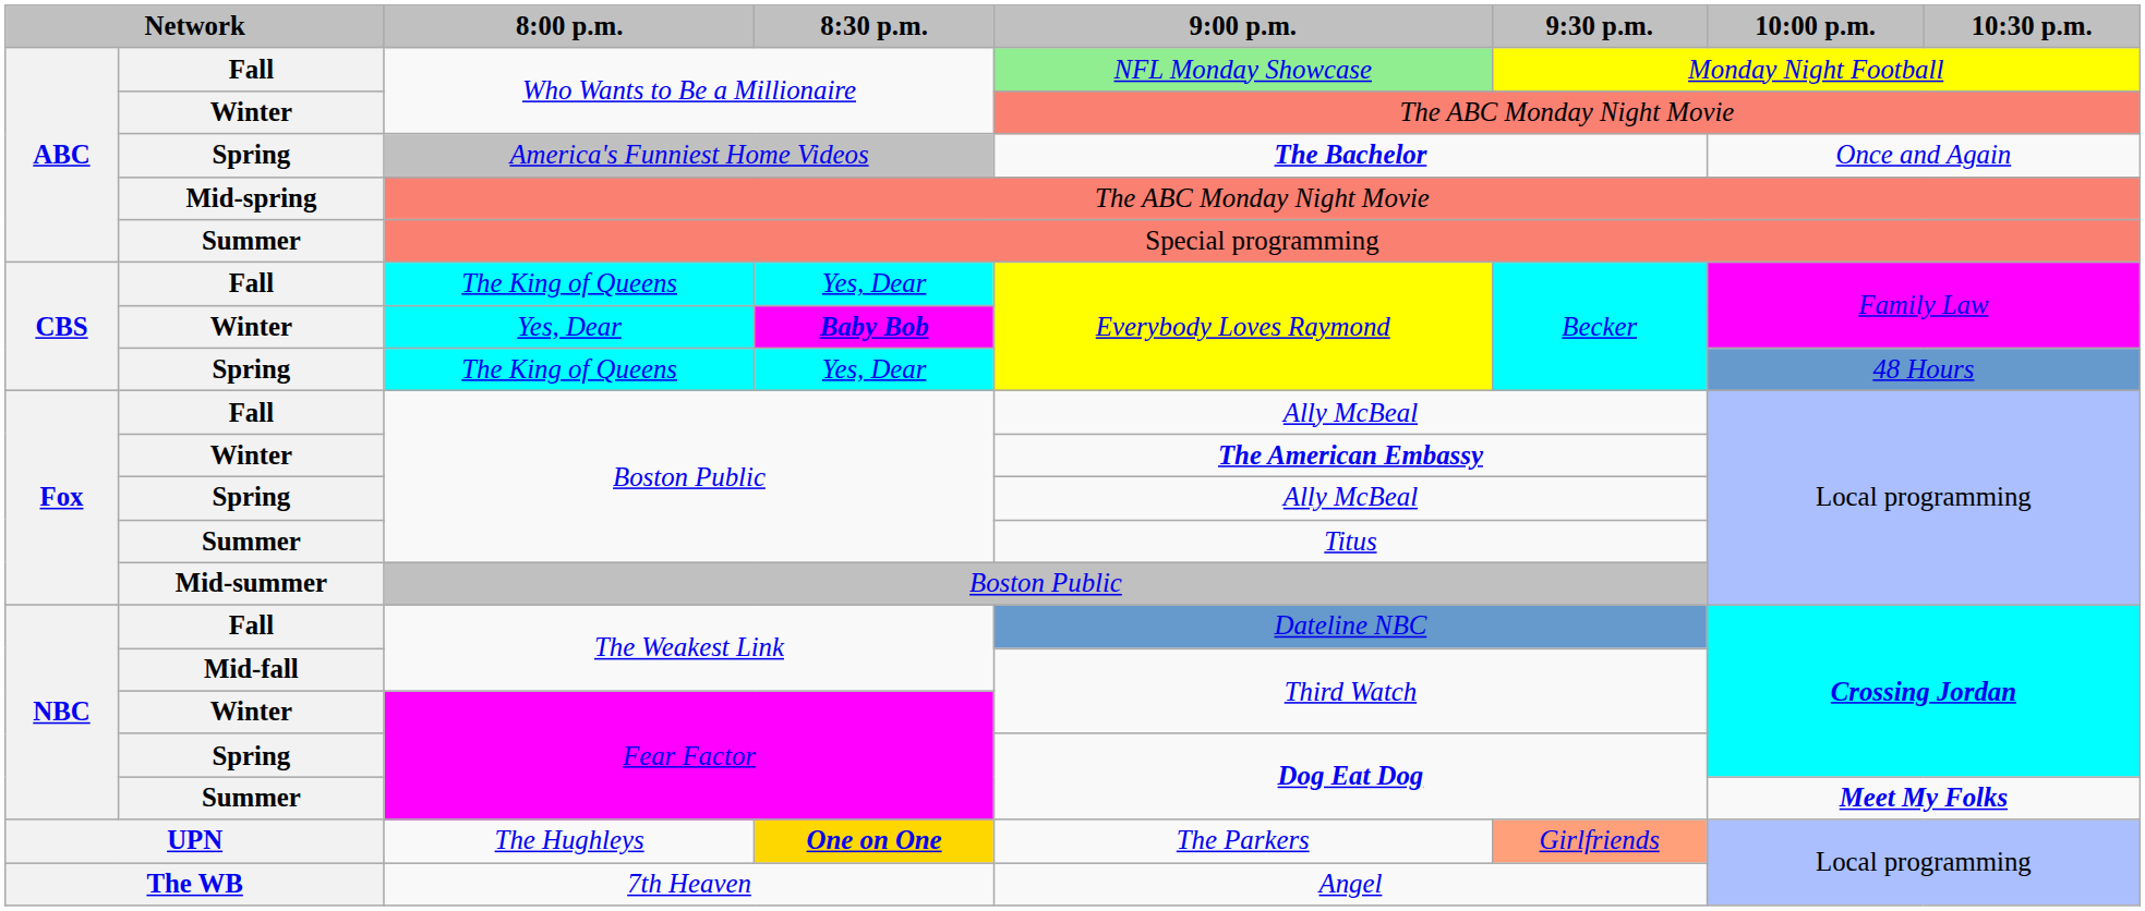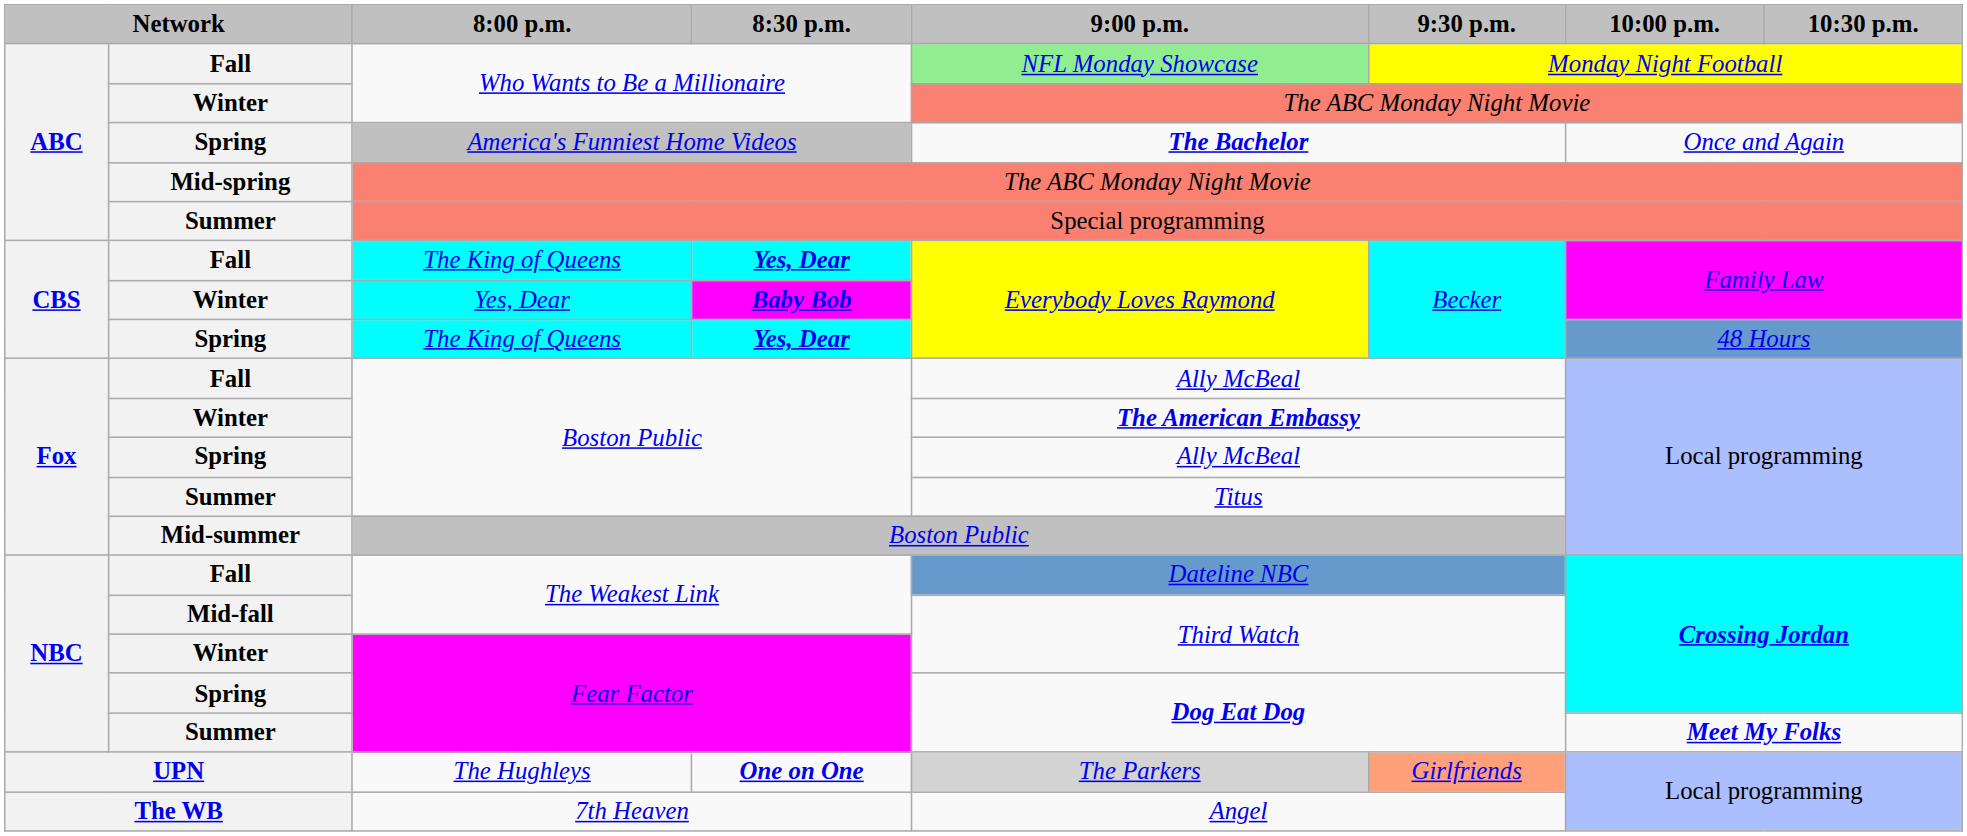 <table class="wikitable" style="width:100%;margin-right:0;text-align:center">
 <tr>
 <th colspan="2" style="background-color:#C0C0C0">Network</th>
 <th style="background-color:#C0C0C0;text-align:center">8:00 p.m.</th>
 <th style="background-color:#C0C0C0;text-align:center">8:30 p.m.</th>
 <th style="background-color:#C0C0C0;text-align:center">9:00 p.m.</th>
 <th style="background-color:#C0C0C0;text-align:center">9:30 p.m.</th>
 <th style="background-color:#C0C0C0;text-align:center">10:00 p.m.</th>
 <th style="background-color:#C0C0C0;text-align:center">10:30 p.m.</th>
 </tr>
 <tr>
 <th rowspan="5"><a href='#'>ABC</a></th>
 <th>Fall</th>
 <td rowspan="2" colspan="2"><em><a href='#'>Who Wants to Be a Millionaire</a></em></td>
 <td style="background:lightgreen;"><em><a href='#'>NFL Monday Showcase</a></em></td>
 <td colspan="3" style="background:yellow;"><em><a href='#'>Monday Night Football</a></em> </td>
 </tr>
 <tr>
 <th>Winter</th>
 <td colspan="4" style="background:#FA8072;"><em>The ABC Monday Night Movie</em></td>
 </tr>
 <tr>
 <th>Spring</th>
 <td colspan="2" style="background:#C0C0C0;"><em><a href='#'>America's Funniest Home Videos</a></em> </td>
 <td colspan="2"><strong><em><a href='#'>The Bachelor</a></em></strong></td>
 <td colspan="2"><em><a href='#'>Once and Again</a></em></td>
 </tr>
 <tr>
 <th>Mid-spring</th>
 <td colspan="6" style="background:#FA8072;"><em>The ABC Monday Night Movie</em></td>
 </tr>
 <tr>
 <th>Summer</th>
 <td colspan="6" style="background:#FA8072;">Special programming</td>
 </tr>
 <tr>
 <th rowspan="3"><a href='#'>CBS</a></th>
 <th>Fall</th>
 <td style="background:cyan;"><em><a href='#'>The King of Queens</a></em> </td>
-<td style="background:cyan;"><em><a href='#'>Yes, Dear</a></em> </td>
+<td style="background:cyan;"><strong><em><a href='#'>Yes, Dear</a></em> </strong></td>
 <td rowspan="3" style="background:yellow;"><em><a href='#'>Everybody Loves Raymond</a></em> </td>
 <td rowspan="3" style="background:cyan;"><em><a href='#'>Becker</a></em> </td>
 <td colspan="2" rowspan="2" style="background:magenta;"><em><a href='#'>Family Law</a></em> </td>
 </tr>
 <tr>
 <th>Winter</th>
 <td style="background:cyan;"><em><a href='#'>Yes, Dear</a></em> </td>
 <td style="background:magenta;"><strong><em><a href='#'>Baby Bob</a></em></strong> </td>
 </tr>
 <tr>
 <th>Spring</th>
 <td style="background:cyan;"><em><a href='#'>The King of Queens</a></em> </td>
-<td style="background:cyan;"><em><a href='#'>Yes, Dear</a></em> </td>
+<td style="background:cyan;"><strong><em><a href='#'>Yes, Dear</a></em> </strong></td>
 <td colspan="2" style="background:#6699CC;"><em><a href='#'>48 Hours</a></em></td>
 </tr>
 <tr>
 <th rowspan="5"><a href='#'>Fox</a></th>
 <th>Fall</th>
 <td colspan="2" rowspan="4"><em><a href='#'>Boston Public</a></em></td>
 <td colspan="2"><em><a href='#'>Ally McBeal</a></em></td>
 <td style="background:#abbfff;" colspan="2" rowspan="5">Local programming</td>
 </tr>
 <tr>
 <th>Winter</th>
 <td colspan="2"><strong><em><a href='#'>The American Embassy</a></em></strong></td>
 </tr>
 <tr>
 <th>Spring</th>
 <td colspan="2"><em><a href='#'>Ally McBeal</a></em></td>
 </tr>
 <tr>
 <th>Summer</th>
 <td colspan="2"><em><a href='#'>Titus</a></em></td>
 </tr>
 <tr>
 <th>Mid-summer</th>
 <td colspan="4" style="background:#C0C0C0;"><em><a href='#'>Boston Public</a></em> </td>
 </tr>
 <tr>
 <th rowspan="5"><a href='#'>NBC</a></th>
 <th>Fall</th>
 <td colspan="2" rowspan="2"><em><a href='#'>The Weakest Link</a></em></td>
 <td colspan="2" style="background:#6699CC;"><em><a href='#'>Dateline NBC</a></em></td>
 <td colspan="2" rowspan="4" style="background:cyan;"><strong><em><a href='#'>Crossing Jordan</a></em></strong> </td>
 </tr>
 <tr>
 <th>Mid-fall</th>
 <td colspan="2" rowspan="2"><em><a href='#'>Third Watch</a></em></td>
 </tr>
 <tr>
 <th>Winter</th>
 <td colspan="2" rowspan="3" style="background:magenta;"><em><a href='#'>Fear Factor</a></em> </td>
 </tr>
 <tr>
 <th>Spring</th>
 <td colspan="2" rowspan="2"><strong><em><a href='#'>Dog Eat Dog</a></em></strong></td>
 </tr>
 <tr>
 <th>Summer</th>
 <td colspan="2"><strong><em><a href='#'>Meet My Folks</a></em></strong></td>
 </tr>
 <tr>
 <th colspan="2"><a href='#'>UPN</a></th>
 <td><em><a href='#'>The Hughleys</a></em></td>
-<td style="background: gold;"><strong><em><a href='#'>One on One</a></em></strong></td>
-<td><em><a href='#'>The Parkers</a></em></td>
+<td><strong><em><a href='#'>One on One</a></em></strong></td>
+<td style="background: lightgrey;"><em><a href='#'>The Parkers</a></em></td>
 <td style="background: lightsalmon;"><em><a href='#'>Girlfriends</a></em></td>
 <td style="background:#abbfff;" colspan="2" rowspan="2">Local programming</td>
 </tr>
 <tr>
 <th colspan="2"><a href='#'>The WB</a></th>
 <td colspan="2"><em><a href='#'>7th Heaven</a></em></td>
 <td colspan="2"><em><a href='#'>Angel</a></em></td>
 </tr>
 </table>
